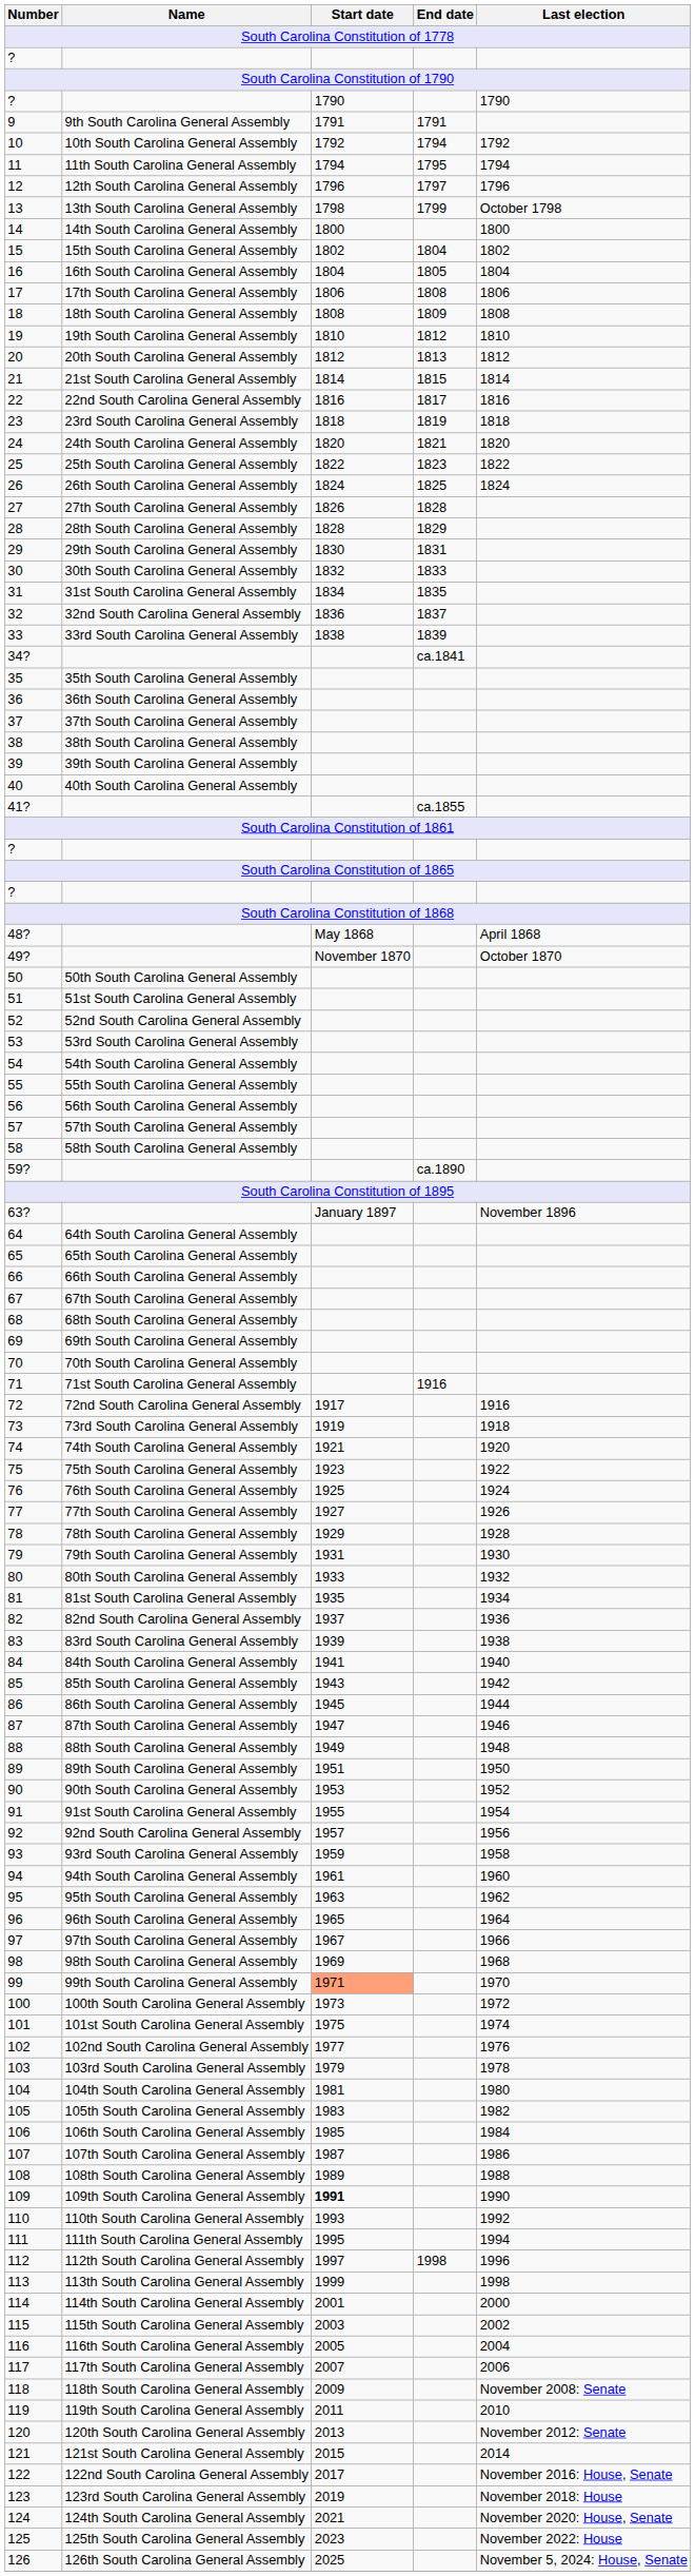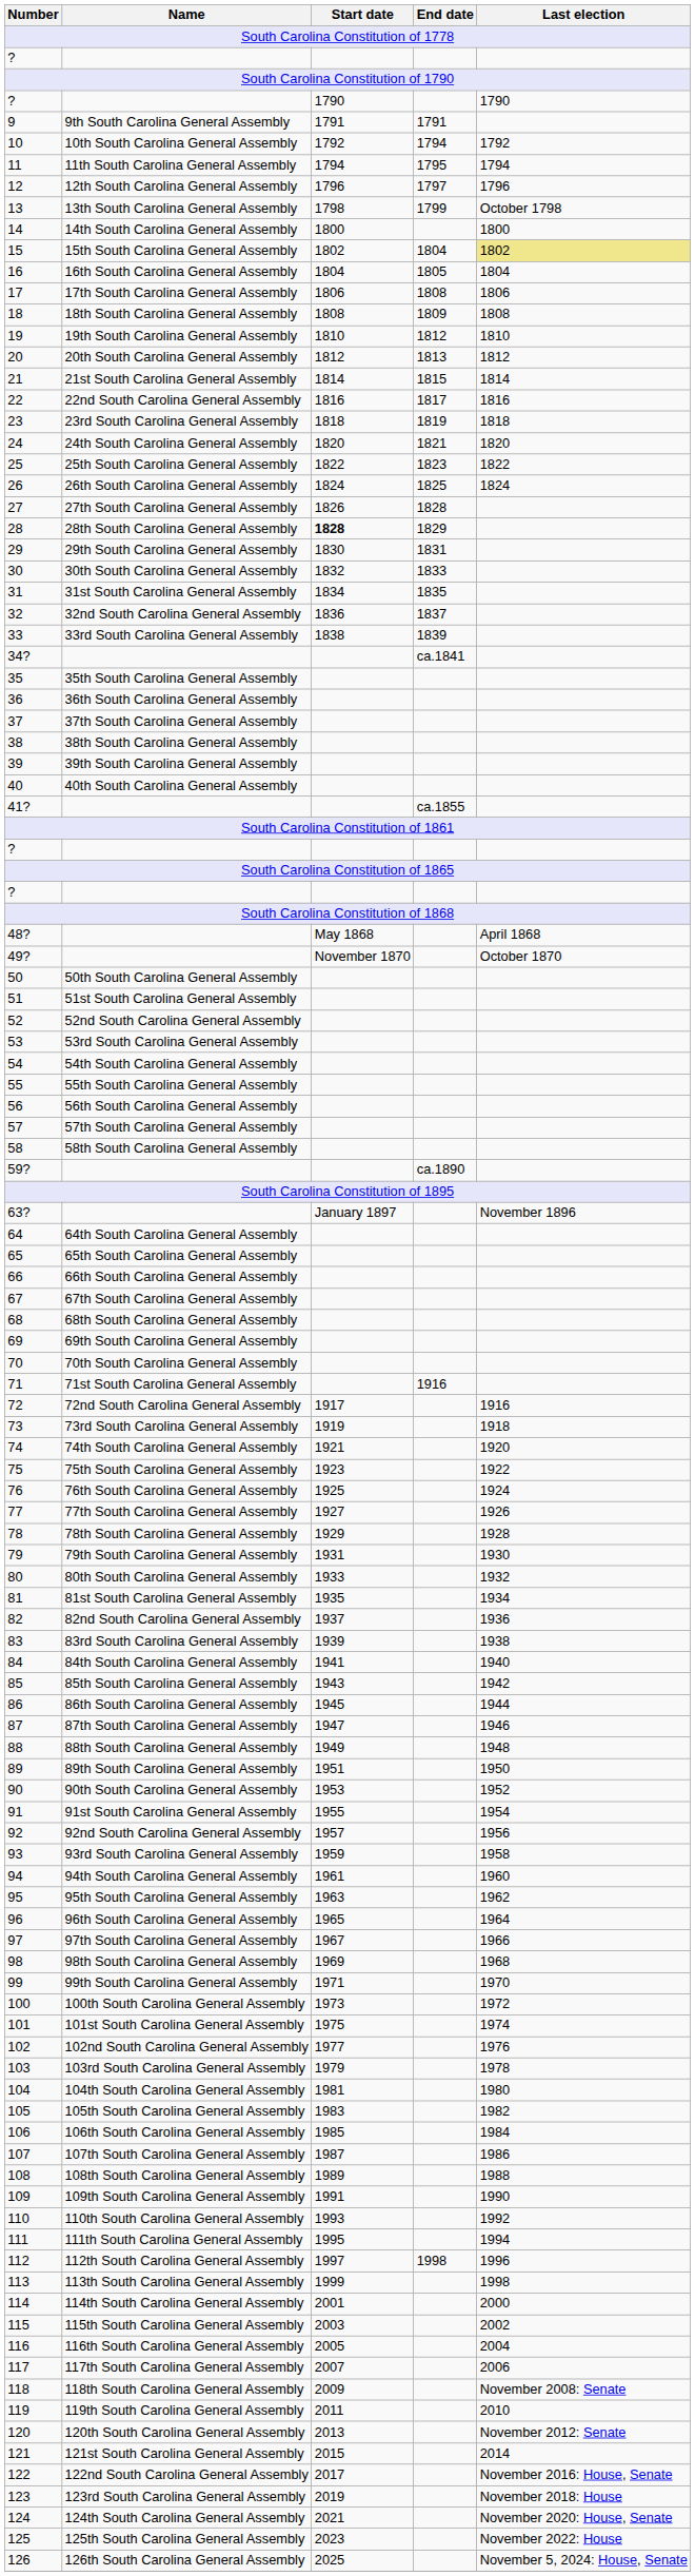 <table class="wikitable mw-datatable sticky-header">
 <tr>
 <th>Number</th>
 <th>Name</th>
 <th>Start date</th>
 <th>End date</th>
 <th>Last election</th>
 </tr>
 <tr>
 <td colspan=5 style="text-align: center; background-color:#E6E6FA;"><a href='#'>South Carolina Constitution of 1778</a> </td>
 </tr>
 <tr>
 <td>?</td>
 <td></td>
 <td></td>
 <td></td>
 <td></td>
 </tr>
 <tr>
 <td colspan=5 style="text-align: center; background-color:#E6E6FA;"><a href='#'>South Carolina Constitution of 1790</a> </td>
 </tr>
 <tr>
 <td>?</td>
 <td></td>
 <td>1790</td>
 <td></td>
 <td>1790</td>
 </tr>
 <tr>
 <td>9</td>
 <td>9th South Carolina General Assembly</td>
 <td>1791</td>
 <td>1791</td>
 <td></td>
 </tr>
 <tr>
 <td>10</td>
 <td>10th South Carolina General Assembly</td>
 <td>1792</td>
 <td>1794</td>
 <td>1792</td>
 </tr>
 <tr>
 <td>11</td>
 <td>11th South Carolina General Assembly</td>
 <td>1794</td>
 <td>1795</td>
 <td>1794</td>
 </tr>
 <tr>
 <td>12</td>
 <td>12th South Carolina General Assembly</td>
 <td>1796</td>
 <td>1797</td>
 <td>1796</td>
 </tr>
 <tr>
 <td>13</td>
 <td>13th South Carolina General Assembly</td>
 <td>1798</td>
 <td>1799</td>
 <td>October 1798</td>
 </tr>
 <tr>
 <td>14</td>
 <td>14th South Carolina General Assembly</td>
 <td>1800</td>
 <td></td>
 <td>1800</td>
 </tr>
 <tr>
 <td>15</td>
 <td>15th South Carolina General Assembly</td>
 <td>1802</td>
 <td>1804</td>
-<td>1802</td>
+<td style="background: khaki;">1802</td>
 </tr>
 <tr>
 <td>16</td>
 <td>16th South Carolina General Assembly</td>
 <td>1804</td>
 <td>1805</td>
 <td>1804</td>
 </tr>
 <tr>
 <td>17</td>
 <td>17th South Carolina General Assembly</td>
 <td>1806</td>
 <td>1808</td>
 <td>1806</td>
 </tr>
 <tr>
 <td>18</td>
 <td>18th South Carolina General Assembly</td>
 <td>1808</td>
 <td>1809</td>
 <td>1808</td>
 </tr>
 <tr>
 <td>19</td>
 <td>19th South Carolina General Assembly</td>
 <td>1810</td>
 <td>1812</td>
 <td>1810</td>
 </tr>
 <tr>
 <td>20</td>
 <td>20th South Carolina General Assembly</td>
 <td>1812</td>
 <td>1813</td>
 <td>1812</td>
 </tr>
 <tr>
 <td>21</td>
 <td>21st South Carolina General Assembly</td>
 <td>1814</td>
 <td>1815</td>
 <td>1814</td>
 </tr>
 <tr>
 <td>22</td>
 <td>22nd South Carolina General Assembly</td>
 <td>1816</td>
 <td>1817</td>
 <td>1816</td>
 </tr>
 <tr>
 <td>23</td>
 <td>23rd South Carolina General Assembly</td>
 <td>1818</td>
 <td>1819</td>
 <td>1818</td>
 </tr>
 <tr>
 <td>24</td>
 <td>24th South Carolina General Assembly</td>
 <td>1820</td>
 <td>1821</td>
 <td>1820</td>
 </tr>
 <tr>
 <td>25</td>
 <td>25th South Carolina General Assembly</td>
 <td>1822</td>
 <td>1823</td>
 <td>1822</td>
 </tr>
 <tr>
 <td>26</td>
 <td>26th South Carolina General Assembly</td>
 <td>1824</td>
 <td>1825</td>
 <td>1824</td>
 </tr>
 <tr>
 <td>27</td>
 <td>27th South Carolina General Assembly</td>
 <td>1826</td>
 <td>1828</td>
 <td></td>
 </tr>
 <tr>
 <td>28</td>
 <td>28th South Carolina General Assembly</td>
-<td>1828</td>
+<td><strong>1828</strong></td>
 <td>1829</td>
 <td></td>
 </tr>
 <tr>
 <td>29</td>
 <td>29th South Carolina General Assembly</td>
 <td>1830</td>
 <td>1831</td>
 <td></td>
 </tr>
 <tr>
 <td>30</td>
 <td>30th South Carolina General Assembly</td>
 <td>1832</td>
 <td>1833</td>
 <td></td>
 </tr>
 <tr>
 <td>31</td>
 <td>31st South Carolina General Assembly</td>
 <td>1834</td>
 <td>1835</td>
 <td></td>
 </tr>
 <tr>
 <td>32</td>
 <td>32nd South Carolina General Assembly</td>
 <td>1836</td>
 <td>1837</td>
 <td></td>
 </tr>
 <tr>
 <td>33</td>
 <td>33rd South Carolina General Assembly</td>
 <td>1838</td>
 <td>1839</td>
 <td></td>
 </tr>
 <tr>
 <td>34?</td>
 <td></td>
 <td></td>
 <td>ca.1841</td>
 <td></td>
 </tr>
 <tr>
 <td>35</td>
 <td>35th South Carolina General Assembly</td>
 <td></td>
 <td></td>
 <td></td>
 </tr>
 <tr>
 <td>36</td>
 <td>36th South Carolina General Assembly</td>
 <td></td>
 <td></td>
 <td></td>
 </tr>
 <tr>
 <td>37</td>
 <td>37th South Carolina General Assembly</td>
 <td></td>
 <td></td>
 <td></td>
 </tr>
 <tr>
 <td>38</td>
 <td>38th South Carolina General Assembly</td>
 <td></td>
 <td></td>
 <td></td>
 </tr>
 <tr>
 <td>39</td>
 <td>39th South Carolina General Assembly</td>
 <td></td>
 <td></td>
 <td></td>
 </tr>
 <tr>
 <td>40</td>
 <td>40th South Carolina General Assembly</td>
 <td></td>
 <td></td>
 <td></td>
 </tr>
 <tr>
 <td>41?</td>
 <td></td>
 <td></td>
 <td>ca.1855</td>
 <td></td>
 </tr>
 <tr>
 <td colspan=5 style="text-align: center; background-color:#E6E6FA;"><a href='#'>South Carolina Constitution of 1861</a></td>
 </tr>
 <tr>
 <td>?</td>
 <td></td>
 <td></td>
 <td></td>
 <td></td>
 </tr>
 <tr>
 <td colspan=5 style="text-align: center; background-color:#E6E6FA;"><a href='#'>South Carolina Constitution of 1865</a> </td>
 </tr>
 <tr>
 <td>?</td>
 <td></td>
 <td></td>
 <td></td>
 <td></td>
 </tr>
 <tr>
 <td colspan=5 style="text-align: center; background-color:#E6E6FA;"><a href='#'>South Carolina Constitution of 1868</a> </td>
 </tr>
 <tr>
 <td>48?</td>
 <td></td>
 <td>May 1868 </td>
 <td></td>
 <td>April 1868 </td>
 </tr>
 <tr>
 <td>49?</td>
 <td></td>
 <td>November 1870 </td>
 <td></td>
 <td>October 1870 </td>
 </tr>
 <tr>
 <td>50</td>
 <td>50th South Carolina General Assembly</td>
 <td></td>
 <td></td>
 <td></td>
 </tr>
 <tr>
 <td>51</td>
 <td>51st South Carolina General Assembly</td>
 <td></td>
 <td></td>
 <td></td>
 </tr>
 <tr>
 <td>52</td>
 <td>52nd South Carolina General Assembly</td>
 <td></td>
 <td></td>
 <td></td>
 </tr>
 <tr>
 <td>53</td>
 <td>53rd South Carolina General Assembly</td>
 <td></td>
 <td></td>
 <td></td>
 </tr>
 <tr>
 <td>54</td>
 <td>54th South Carolina General Assembly</td>
 <td></td>
 <td></td>
 <td></td>
 </tr>
 <tr>
 <td>55</td>
 <td>55th South Carolina General Assembly</td>
 <td></td>
 <td></td>
 <td></td>
 </tr>
 <tr>
 <td>56</td>
 <td>56th South Carolina General Assembly</td>
 <td></td>
 <td></td>
 <td></td>
 </tr>
 <tr>
 <td>57</td>
 <td>57th South Carolina General Assembly</td>
 <td></td>
 <td></td>
 <td></td>
 </tr>
 <tr>
 <td>58</td>
 <td>58th South Carolina General Assembly</td>
 <td></td>
 <td></td>
 <td></td>
 </tr>
 <tr>
 <td>59?</td>
 <td></td>
 <td></td>
 <td>ca.1890 </td>
 <td></td>
 </tr>
 <tr>
 <td colspan=5 style="text-align: center; background-color:#E6E6FA;"><a href='#'>South Carolina Constitution of 1895</a> </td>
 </tr>
 <tr>
 <td>63?</td>
 <td></td>
 <td>January 1897 </td>
 <td></td>
 <td>November 1896 </td>
 </tr>
 <tr>
 <td>64</td>
 <td>64th South Carolina General Assembly</td>
 <td></td>
 <td></td>
 <td></td>
 </tr>
 <tr>
 <td>65</td>
 <td>65th South Carolina General Assembly</td>
 <td></td>
 <td></td>
 <td></td>
 </tr>
 <tr>
 <td>66</td>
 <td>66th South Carolina General Assembly</td>
 <td></td>
 <td></td>
 <td></td>
 </tr>
 <tr>
 <td>67</td>
 <td>67th South Carolina General Assembly</td>
 <td></td>
 <td></td>
 <td></td>
 </tr>
 <tr>
 <td>68</td>
 <td>68th South Carolina General Assembly</td>
 <td></td>
 <td></td>
 <td></td>
 </tr>
 <tr>
 <td>69</td>
 <td>69th South Carolina General Assembly</td>
 <td></td>
 <td></td>
 <td></td>
 </tr>
 <tr>
 <td>70</td>
 <td>70th South Carolina General Assembly</td>
 <td></td>
 <td></td>
 <td></td>
 </tr>
 <tr>
 <td>71 </td>
 <td>71st South Carolina General Assembly</td>
 <td></td>
 <td>1916</td>
 <td></td>
 </tr>
 <tr>
 <td>72 </td>
 <td>72nd South Carolina General Assembly</td>
 <td>1917</td>
 <td></td>
 <td>1916</td>
 </tr>
 <tr>
 <td>73 </td>
 <td>73rd South Carolina General Assembly</td>
 <td>1919</td>
 <td></td>
 <td>1918</td>
 </tr>
 <tr>
 <td>74 </td>
 <td>74th South Carolina General Assembly</td>
 <td>1921</td>
 <td></td>
 <td>1920</td>
 </tr>
 <tr>
 <td>75</td>
 <td>75th South Carolina General Assembly</td>
 <td>1923</td>
 <td></td>
 <td>1922</td>
 </tr>
 <tr>
 <td>76</td>
 <td>76th South Carolina General Assembly</td>
 <td>1925</td>
 <td></td>
 <td>1924</td>
 </tr>
 <tr>
 <td>77</td>
 <td>77th South Carolina General Assembly</td>
 <td>1927</td>
 <td></td>
 <td>1926</td>
 </tr>
 <tr>
 <td>78</td>
 <td>78th South Carolina General Assembly</td>
 <td>1929</td>
 <td></td>
 <td>1928</td>
 </tr>
 <tr>
 <td>79</td>
 <td>79th South Carolina General Assembly</td>
 <td>1931</td>
 <td></td>
 <td>1930</td>
 </tr>
 <tr>
 <td>80</td>
 <td>80th South Carolina General Assembly</td>
 <td>1933</td>
 <td></td>
 <td>1932</td>
 </tr>
 <tr>
 <td>81</td>
 <td>81st South Carolina General Assembly</td>
 <td>1935</td>
 <td></td>
 <td>1934</td>
 </tr>
 <tr>
 <td>82</td>
 <td>82nd South Carolina General Assembly</td>
 <td>1937</td>
 <td></td>
 <td>1936</td>
 </tr>
 <tr>
 <td>83</td>
 <td>83rd South Carolina General Assembly</td>
 <td>1939</td>
 <td></td>
 <td>1938</td>
 </tr>
 <tr>
 <td>84 </td>
 <td>84th South Carolina General Assembly</td>
 <td>1941</td>
 <td></td>
 <td>1940</td>
 </tr>
 <tr>
 <td>85</td>
 <td>85th South Carolina General Assembly</td>
 <td>1943</td>
 <td></td>
 <td>1942</td>
 </tr>
 <tr>
 <td>86</td>
 <td>86th South Carolina General Assembly</td>
 <td>1945</td>
 <td></td>
 <td>1944</td>
 </tr>
 <tr>
 <td>87</td>
 <td>87th South Carolina General Assembly</td>
 <td>1947</td>
 <td></td>
 <td>1946</td>
 </tr>
 <tr>
 <td>88</td>
 <td>88th South Carolina General Assembly</td>
 <td>1949</td>
 <td></td>
 <td>1948</td>
 </tr>
 <tr>
 <td>89</td>
 <td>89th South Carolina General Assembly</td>
 <td>1951</td>
 <td></td>
 <td>1950</td>
 </tr>
 <tr>
 <td>90</td>
 <td>90th South Carolina General Assembly</td>
 <td>1953</td>
 <td></td>
 <td>1952</td>
 </tr>
 <tr>
 <td>91</td>
 <td>91st South Carolina General Assembly</td>
 <td>1955</td>
 <td></td>
 <td>1954</td>
 </tr>
 <tr>
 <td>92</td>
 <td>92nd South Carolina General Assembly</td>
 <td>1957</td>
 <td></td>
 <td>1956</td>
 </tr>
 <tr>
 <td>93</td>
 <td>93rd South Carolina General Assembly</td>
 <td>1959</td>
 <td></td>
 <td>1958</td>
 </tr>
 <tr>
 <td>94</td>
 <td>94th South Carolina General Assembly</td>
 <td>1961</td>
 <td></td>
 <td>1960</td>
 </tr>
 <tr>
 <td>95</td>
 <td>95th South Carolina General Assembly</td>
 <td>1963</td>
 <td></td>
 <td>1962</td>
 </tr>
 <tr>
 <td>96</td>
 <td>96th South Carolina General Assembly</td>
 <td>1965</td>
 <td></td>
 <td>1964</td>
 </tr>
 <tr>
 <td>97</td>
 <td>97th South Carolina General Assembly</td>
 <td>1967</td>
 <td></td>
 <td>1966</td>
 </tr>
 <tr>
 <td>98</td>
 <td>98th South Carolina General Assembly</td>
 <td>1969</td>
 <td></td>
 <td>1968</td>
 </tr>
 <tr>
 <td>99</td>
 <td>99th South Carolina General Assembly</td>
-<td style="background: lightsalmon;">1971</td>
+<td>1971</td>
 <td></td>
 <td>1970</td>
 </tr>
 <tr>
 <td>100</td>
 <td>100th South Carolina General Assembly</td>
 <td>1973</td>
 <td></td>
 <td>1972</td>
 </tr>
 <tr>
 <td>101</td>
 <td>101st South Carolina General Assembly</td>
 <td>1975</td>
 <td></td>
 <td>1974</td>
 </tr>
 <tr>
 <td>102</td>
 <td>102nd South Carolina General Assembly</td>
 <td>1977</td>
 <td></td>
 <td>1976</td>
 </tr>
 <tr>
 <td>103</td>
 <td>103rd South Carolina General Assembly</td>
 <td>1979</td>
 <td></td>
 <td>1978</td>
 </tr>
 <tr>
 <td>104</td>
 <td>104th South Carolina General Assembly</td>
 <td>1981</td>
 <td></td>
 <td>1980</td>
 </tr>
 <tr>
 <td>105</td>
 <td>105th South Carolina General Assembly</td>
 <td>1983</td>
 <td></td>
 <td>1982</td>
 </tr>
 <tr>
 <td>106</td>
 <td>106th South Carolina General Assembly</td>
 <td>1985</td>
 <td></td>
 <td>1984</td>
 </tr>
 <tr>
 <td>107</td>
 <td>107th South Carolina General Assembly</td>
 <td>1987</td>
 <td></td>
 <td>1986</td>
 </tr>
 <tr>
 <td>108</td>
 <td>108th South Carolina General Assembly</td>
 <td>1989</td>
 <td></td>
 <td>1988</td>
 </tr>
 <tr>
 <td>109 </td>
 <td>109th South Carolina General Assembly</td>
-<td><strong>1991</strong></td>
+<td>1991</td>
 <td></td>
 <td>1990</td>
 </tr>
 <tr>
 <td>110 </td>
 <td>110th South Carolina General Assembly</td>
 <td>1993</td>
 <td></td>
 <td>1992</td>
 </tr>
 <tr>
 <td>111 </td>
 <td>111th South Carolina General Assembly</td>
 <td>1995</td>
 <td></td>
 <td>1994</td>
 </tr>
 <tr>
 <td>112 </td>
 <td>112th South Carolina General Assembly</td>
 <td>1997</td>
 <td>1998</td>
 <td>1996</td>
 </tr>
 <tr>
 <td>113</td>
 <td>113th South Carolina General Assembly</td>
 <td>1999</td>
 <td></td>
 <td>1998</td>
 </tr>
 <tr>
 <td>114</td>
 <td>114th South Carolina General Assembly</td>
 <td>2001</td>
 <td></td>
 <td>2000</td>
 </tr>
 <tr>
 <td>115</td>
 <td>115th South Carolina General Assembly</td>
 <td>2003</td>
 <td></td>
 <td>2002</td>
 </tr>
 <tr>
 <td>116</td>
 <td>116th South Carolina General Assembly</td>
 <td>2005</td>
 <td></td>
 <td>2004</td>
 </tr>
 <tr>
 <td>117</td>
 <td>117th South Carolina General Assembly</td>
 <td>2007</td>
 <td></td>
 <td>2006</td>
 </tr>
 <tr>
 <td>118</td>
 <td>118th South Carolina General Assembly</td>
 <td>2009</td>
 <td></td>
 <td>November 2008: <a href='#'>Senate</a></td>
 </tr>
 <tr>
 <td>119</td>
 <td>119th South Carolina General Assembly</td>
 <td>2011</td>
 <td></td>
 <td>2010</td>
 </tr>
 <tr>
 <td>120</td>
 <td>120th South Carolina General Assembly</td>
 <td>2013</td>
 <td></td>
 <td>November 2012: <a href='#'>Senate</a></td>
 </tr>
 <tr>
 <td>121</td>
 <td>121st South Carolina General Assembly</td>
 <td>2015</td>
 <td></td>
 <td>2014</td>
 </tr>
 <tr>
 <td>122</td>
 <td>122nd South Carolina General Assembly</td>
 <td>2017</td>
 <td></td>
 <td>November 2016: <a href='#'>House</a>, <a href='#'>Senate</a></td>
 </tr>
 <tr>
 <td>123</td>
 <td>123rd South Carolina General Assembly</td>
 <td>2019</td>
 <td></td>
 <td>November 2018: <a href='#'>House</a></td>
 </tr>
 <tr>
 <td>124</td>
 <td>124th South Carolina General Assembly</td>
 <td>2021</td>
 <td></td>
 <td>November 2020: <a href='#'>House</a>, <a href='#'>Senate</a></td>
 </tr>
 <tr>
 <td>125 </td>
 <td>125th South Carolina General Assembly</td>
 <td>2023</td>
 <td></td>
 <td>November 2022: <a href='#'>House</a></td>
 </tr>
 <tr>
 <td>126</td>
 <td>126th South Carolina General Assembly</td>
 <td>2025</td>
 <td></td>
 <td>November 5, 2024: <a href='#'>House</a>, <a href='#'>Senate</a></td>
 </tr>
 <tr>
 </tr>
 </table>
